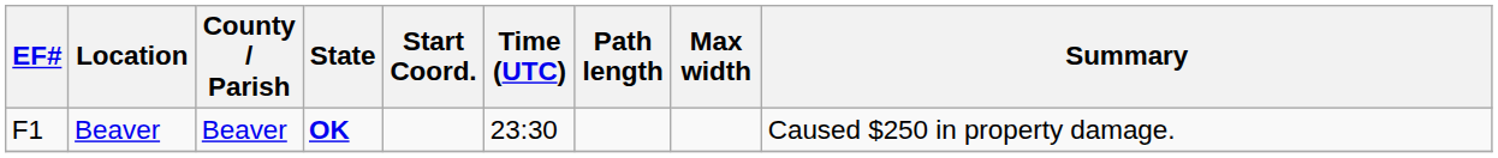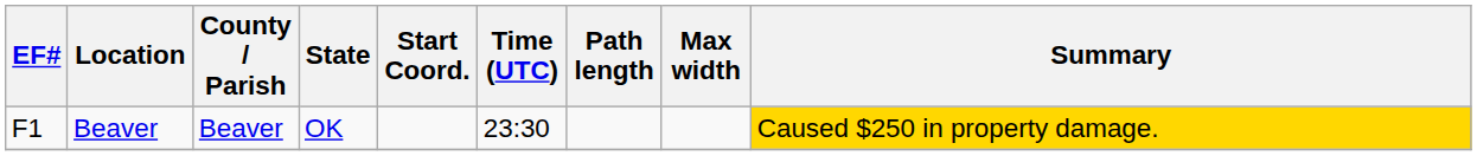 <table class="wikitable sortable" style="width:100%;">
 <tr>
 <th scope="col"  style="width:3%; text-align:center;"><a href='#'>EF#</a></th>
 <th scope="col"  style="width:7%; text-align:center;" class="unsortable">Location</th>
 <th scope="col"  style="width:6%; text-align:center;" class="unsortable">County / Parish</th>
 <th scope="col"  style="width:5%; text-align:center;">State</th>
 <th scope="col"  style="width:6%; text-align:center;">Start Coord.</th>
 <th scope="col"  style="width:6%; text-align:center;">Time (<a href='#'>UTC</a>)</th>
 <th scope="col"  style="width:6%; text-align:center;">Path length</th>
 <th scope="col"  style="width:6%; text-align:center;">Max width</th>
 <th scope="col" class="unsortable" style="width:48%; text-align:center;">Summary</th>
 </tr>
 <tr>
 <td>F1</td>
 <td><a href='#'>Beaver</a></td>
 <td><a href='#'>Beaver</a></td>
-<td><strong><a href='#'>OK</a></strong></td>
+<td><a href='#'>OK</a></td>
 <td></td>
 <td>23:30</td>
 <td></td>
 <td></td>
-<td>Caused $250 in property damage.</td>
+<td style="background: gold;">Caused $250 in property damage.</td>
 </tr>
 <tr>
 </tr>
 </table>
